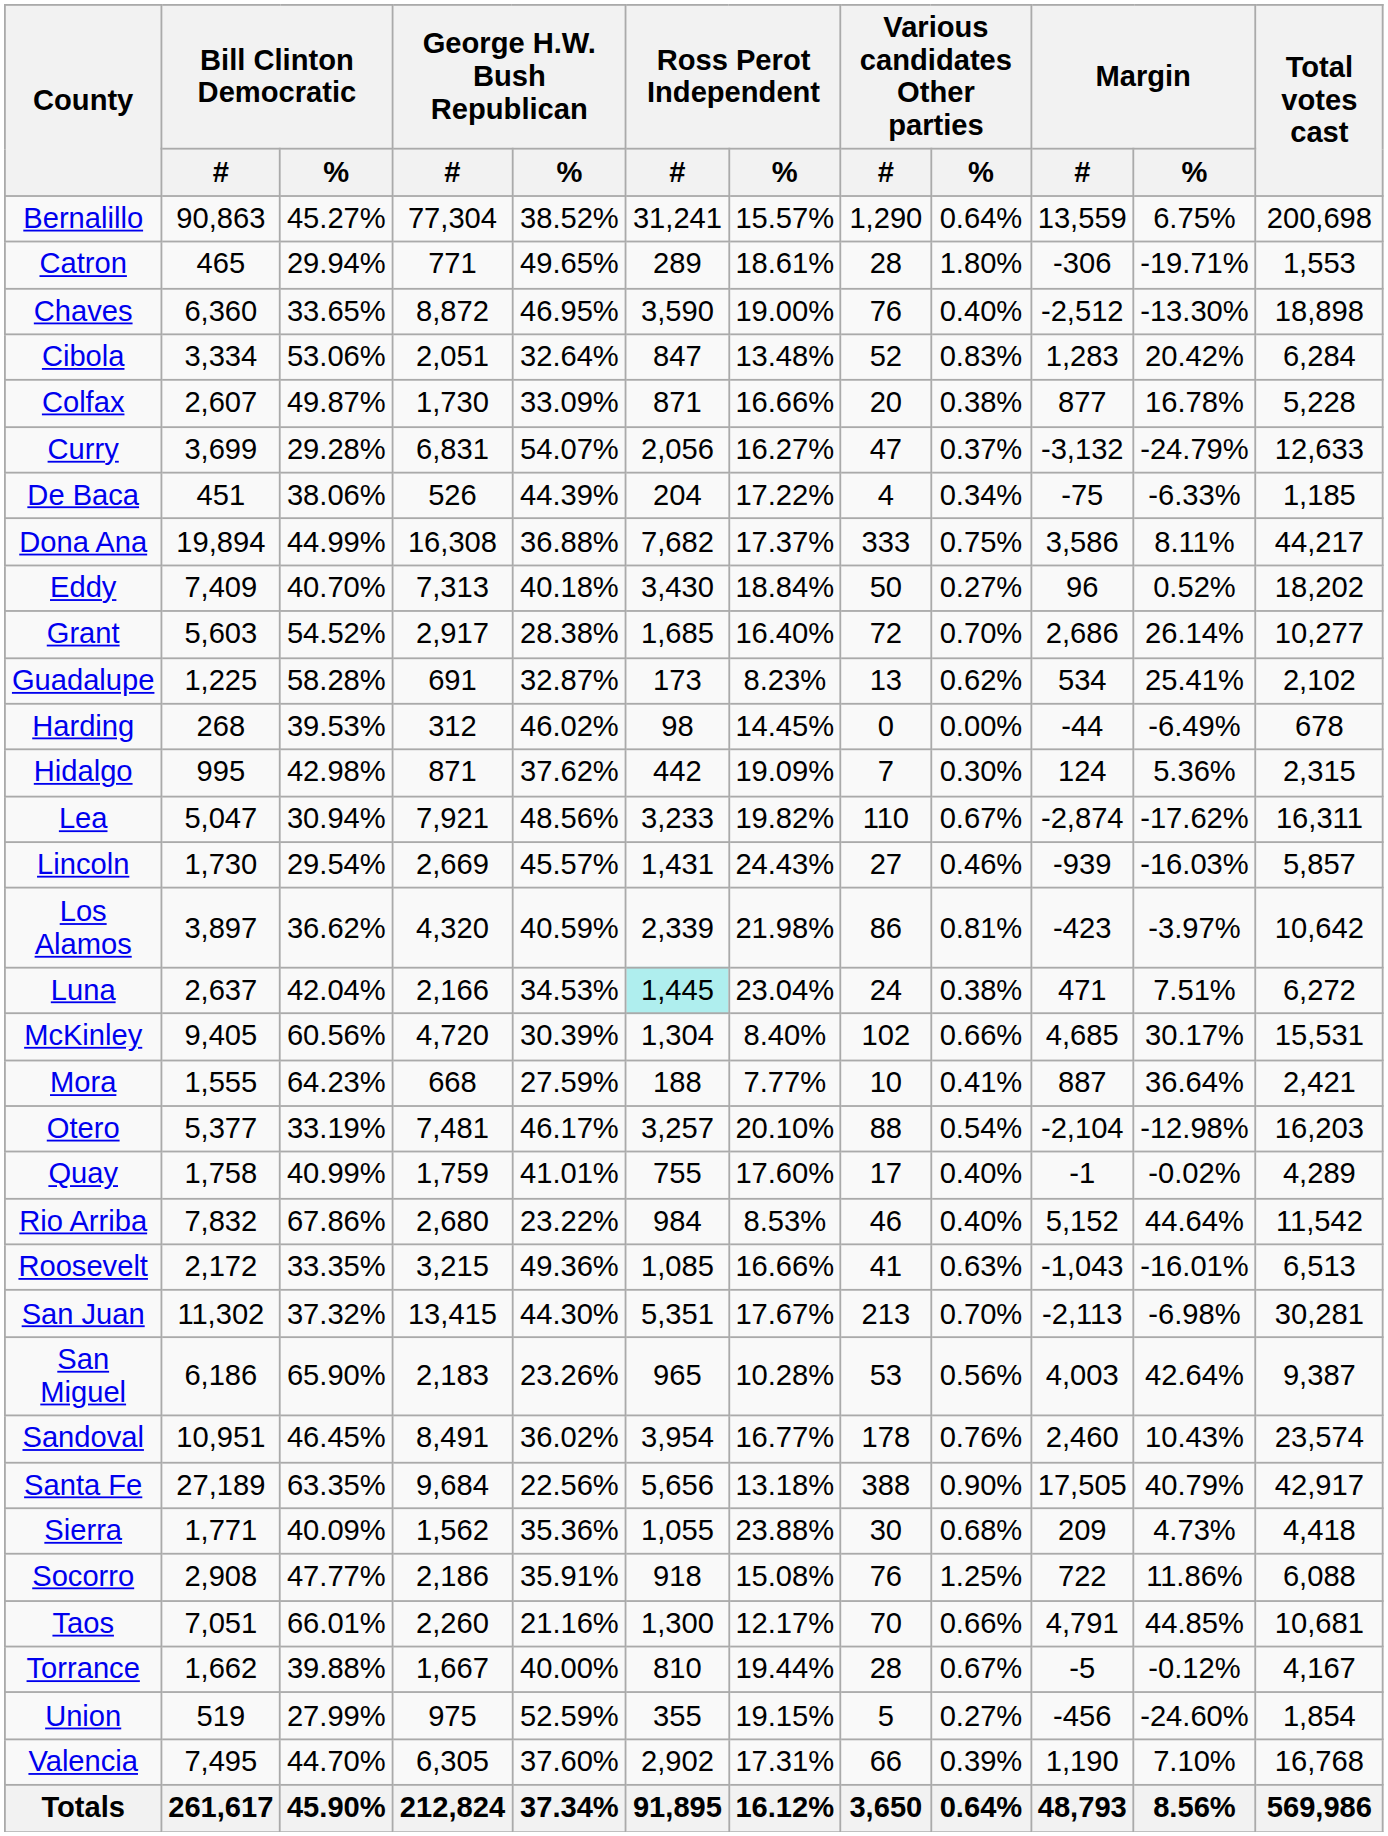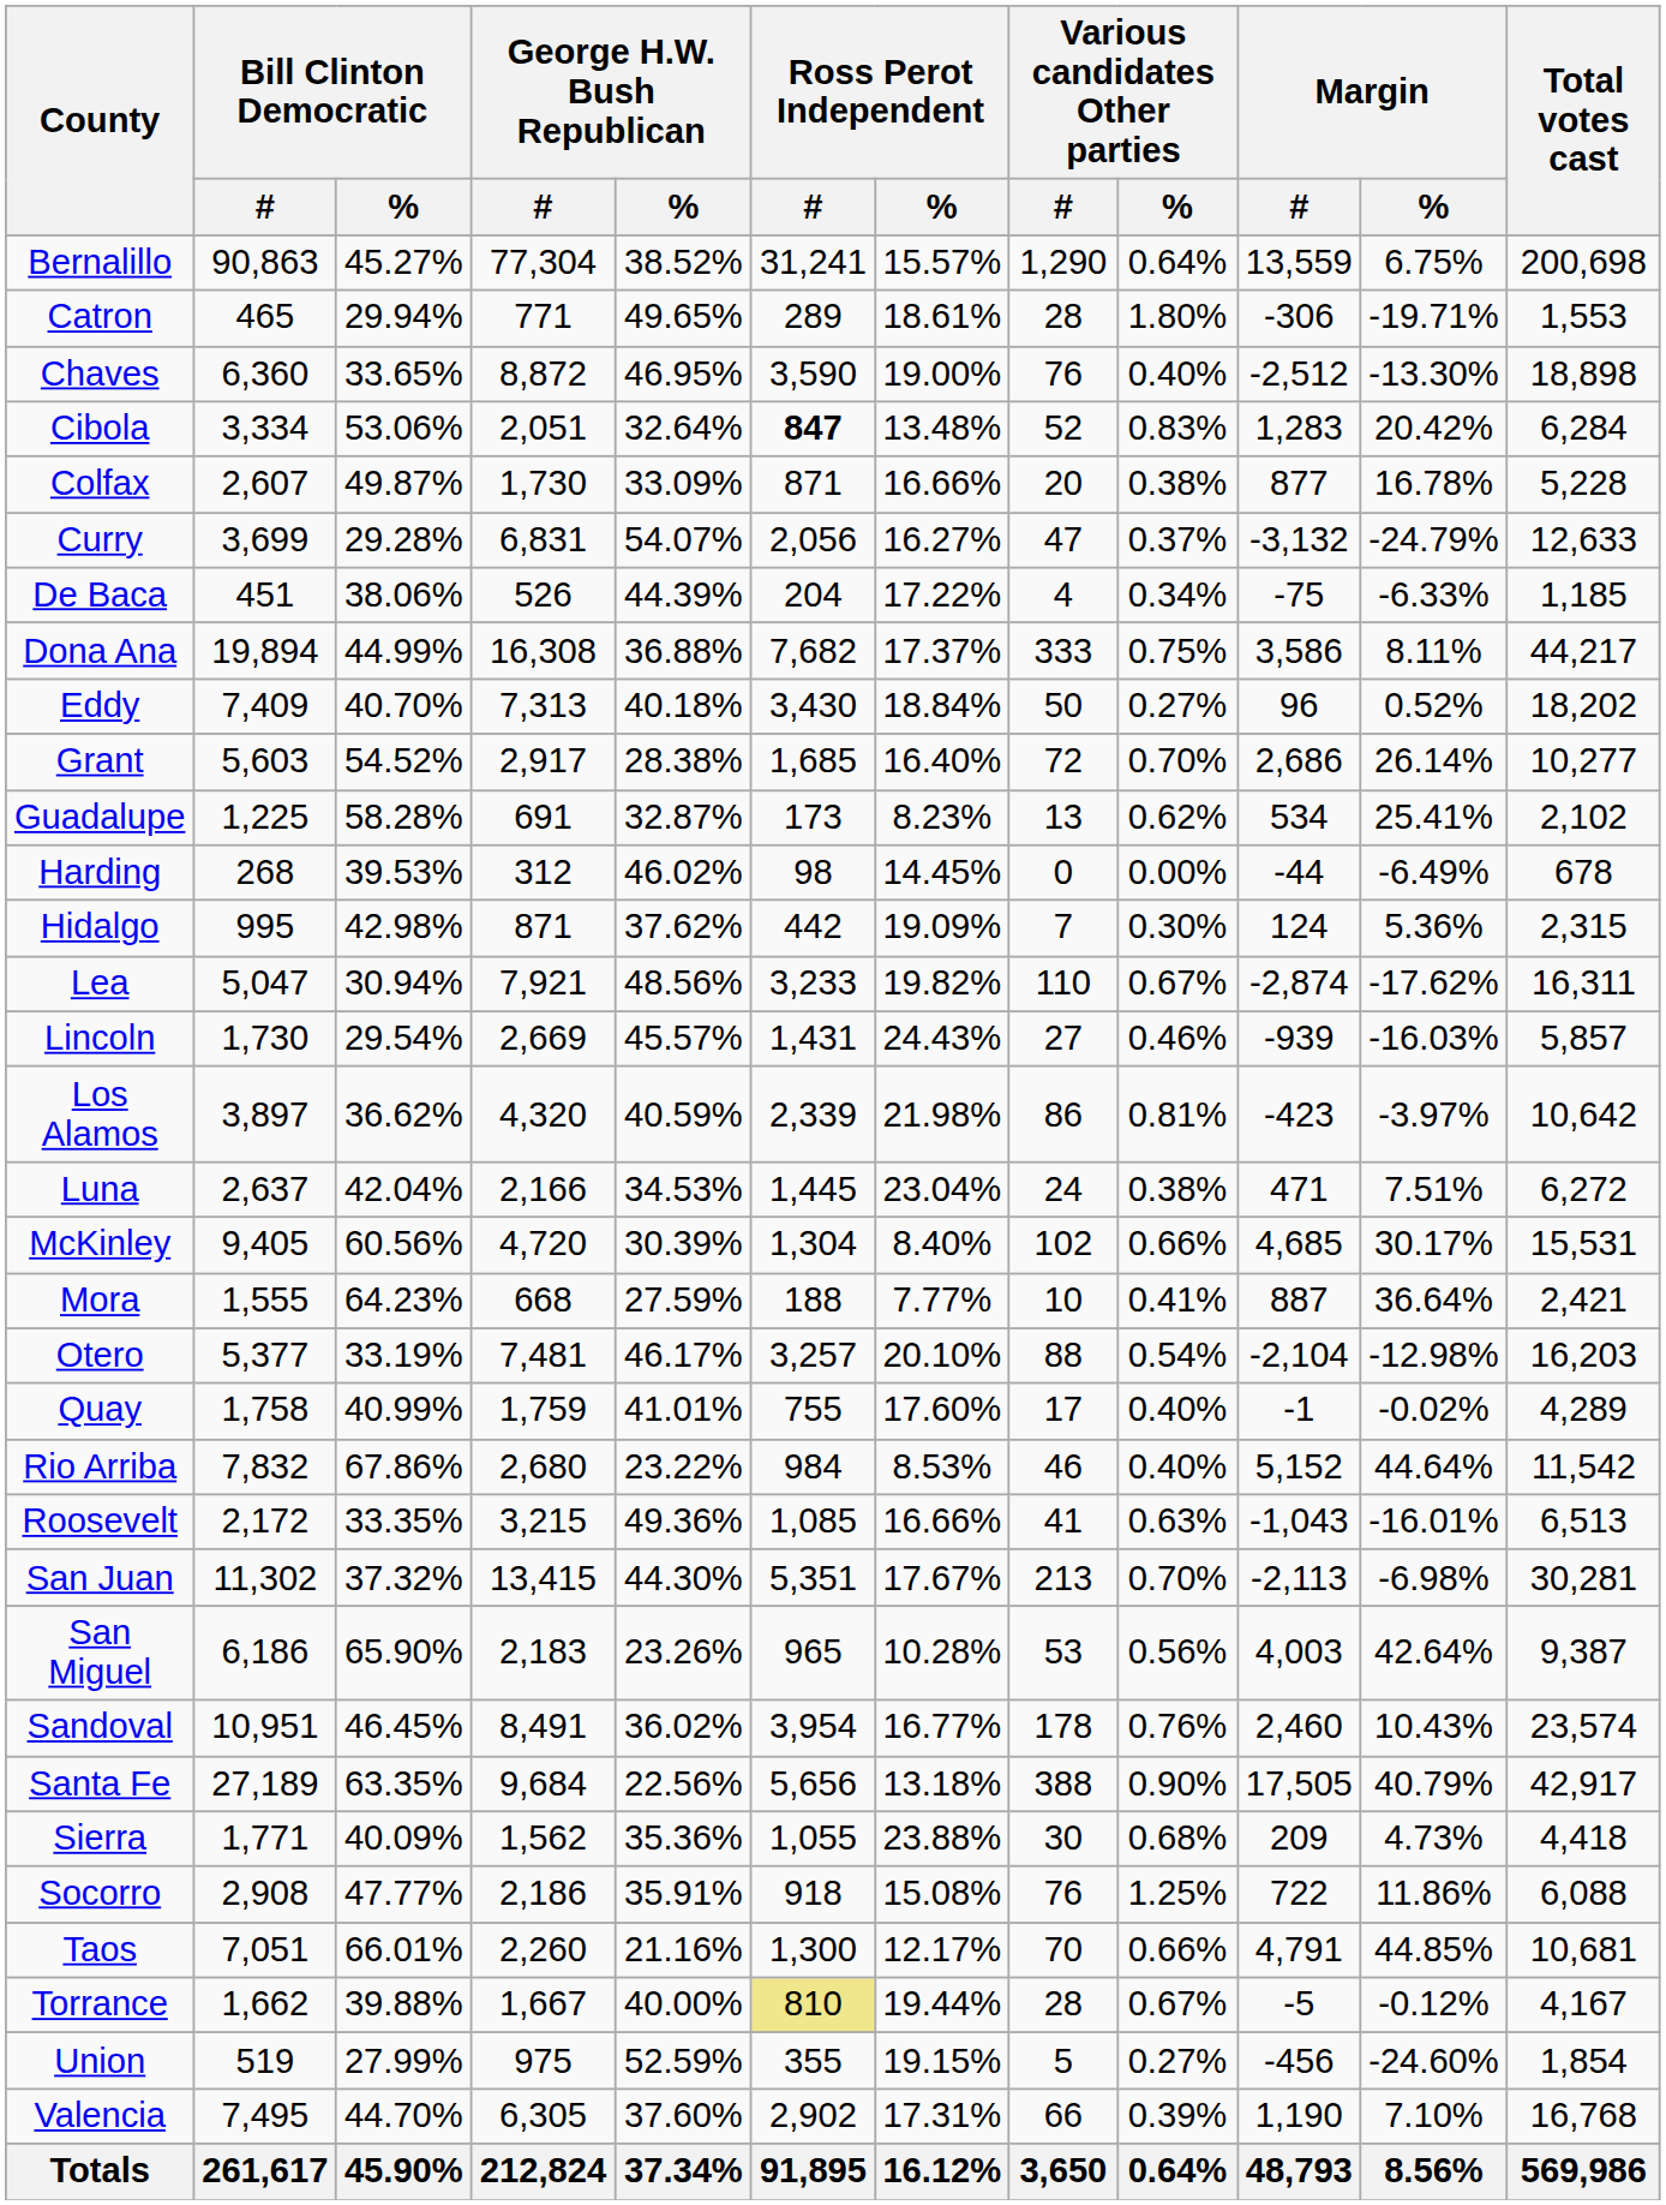 <table width="60%"  class="wikitable sortable" style="text-align:center">
 <tr>
 <th style="text-align:center;" rowspan="2">County</th>
 <th style="text-align:center;" colspan="2">Bill Clinton<br>Democratic</th>
 <th style="text-align:center;" colspan="2">George H.W. Bush<br>Republican</th>
 <th style="text-align:center;" colspan="2">Ross Perot<br>Independent</th>
 <th style="text-align:center;" colspan="2">Various candidates<br>Other parties</th>
 <th style="text-align:center;" colspan="2">Margin</th>
 <th style="text-align:center;" rowspan="2">Total votes cast</th>
 </tr>
 <tr>
 <th style="text-align:center;" data-sort-type="number">#</th>
 <th style="text-align:center;" data-sort-type="number">%</th>
 <th style="text-align:center;" data-sort-type="number">#</th>
 <th style="text-align:center;" data-sort-type="number">%</th>
 <th style="text-align:center;" data-sort-type="number">#</th>
 <th style="text-align:center;" data-sort-type="number">%</th>
 <th style="text-align:center;" data-sort-type="number">#</th>
 <th style="text-align:center;" data-sort-type="number">%</th>
 <th style="text-align:center;" data-sort-type="number">#</th>
 <th style="text-align:center;" data-sort-type="number">%</th>
 </tr>
 <tr style="text-align:center;">
 <td><a href='#'>Bernalillo</a></td>
 <td>90,863</td>
 <td>45.27%</td>
 <td>77,304</td>
 <td>38.52%</td>
 <td>31,241</td>
 <td>15.57%</td>
 <td>1,290</td>
 <td>0.64%</td>
 <td>13,559</td>
 <td>6.75%</td>
 <td>200,698</td>
 </tr>
 <tr style="text-align:center;">
 <td><a href='#'>Catron</a></td>
 <td>465</td>
 <td>29.94%</td>
 <td>771</td>
 <td>49.65%</td>
 <td>289</td>
 <td>18.61%</td>
 <td>28</td>
 <td>1.80%</td>
 <td>-306</td>
 <td>-19.71%</td>
 <td>1,553</td>
 </tr>
 <tr style="text-align:center;">
 <td><a href='#'>Chaves</a></td>
 <td>6,360</td>
 <td>33.65%</td>
 <td>8,872</td>
 <td>46.95%</td>
 <td>3,590</td>
 <td>19.00%</td>
 <td>76</td>
 <td>0.40%</td>
 <td>-2,512</td>
 <td>-13.30%</td>
 <td>18,898</td>
 </tr>
 <tr style="text-align:center;">
 <td><a href='#'>Cibola</a></td>
 <td>3,334</td>
 <td>53.06%</td>
 <td>2,051</td>
 <td>32.64%</td>
-<td>847</td>
+<td><strong>847</strong></td>
 <td>13.48%</td>
 <td>52</td>
 <td>0.83%</td>
 <td>1,283</td>
 <td>20.42%</td>
 <td>6,284</td>
 </tr>
 <tr style="text-align:center;">
 <td><a href='#'>Colfax</a></td>
 <td>2,607</td>
 <td>49.87%</td>
 <td>1,730</td>
 <td>33.09%</td>
 <td>871</td>
 <td>16.66%</td>
 <td>20</td>
 <td>0.38%</td>
 <td>877</td>
 <td>16.78%</td>
 <td>5,228</td>
 </tr>
 <tr style="text-align:center;">
 <td><a href='#'>Curry</a></td>
 <td>3,699</td>
 <td>29.28%</td>
 <td>6,831</td>
 <td>54.07%</td>
 <td>2,056</td>
 <td>16.27%</td>
 <td>47</td>
 <td>0.37%</td>
 <td>-3,132</td>
 <td>-24.79%</td>
 <td>12,633</td>
 </tr>
 <tr style="text-align:center;">
 <td><a href='#'>De Baca</a></td>
 <td>451</td>
 <td>38.06%</td>
 <td>526</td>
 <td>44.39%</td>
 <td>204</td>
 <td>17.22%</td>
 <td>4</td>
 <td>0.34%</td>
 <td>-75</td>
 <td>-6.33%</td>
 <td>1,185</td>
 </tr>
 <tr style="text-align:center;">
 <td><a href='#'>Dona Ana</a></td>
 <td>19,894</td>
 <td>44.99%</td>
 <td>16,308</td>
 <td>36.88%</td>
 <td>7,682</td>
 <td>17.37%</td>
 <td>333</td>
 <td>0.75%</td>
 <td>3,586</td>
 <td>8.11%</td>
 <td>44,217</td>
 </tr>
 <tr style="text-align:center;">
 <td><a href='#'>Eddy</a></td>
 <td>7,409</td>
 <td>40.70%</td>
 <td>7,313</td>
 <td>40.18%</td>
 <td>3,430</td>
 <td>18.84%</td>
 <td>50</td>
 <td>0.27%</td>
 <td>96</td>
 <td>0.52%</td>
 <td>18,202</td>
 </tr>
 <tr style="text-align:center;">
 <td><a href='#'>Grant</a></td>
 <td>5,603</td>
 <td>54.52%</td>
 <td>2,917</td>
 <td>28.38%</td>
 <td>1,685</td>
 <td>16.40%</td>
 <td>72</td>
 <td>0.70%</td>
 <td>2,686</td>
 <td>26.14%</td>
 <td>10,277</td>
 </tr>
 <tr style="text-align:center;">
 <td><a href='#'>Guadalupe</a></td>
 <td>1,225</td>
 <td>58.28%</td>
 <td>691</td>
 <td>32.87%</td>
 <td>173</td>
 <td>8.23%</td>
 <td>13</td>
 <td>0.62%</td>
 <td>534</td>
 <td>25.41%</td>
 <td>2,102</td>
 </tr>
 <tr style="text-align:center;">
 <td><a href='#'>Harding</a></td>
 <td>268</td>
 <td>39.53%</td>
 <td>312</td>
 <td>46.02%</td>
 <td>98</td>
 <td>14.45%</td>
 <td>0</td>
 <td>0.00%</td>
 <td>-44</td>
 <td>-6.49%</td>
 <td>678</td>
 </tr>
 <tr style="text-align:center;">
 <td><a href='#'>Hidalgo</a></td>
 <td>995</td>
 <td>42.98%</td>
 <td>871</td>
 <td>37.62%</td>
 <td>442</td>
 <td>19.09%</td>
 <td>7</td>
 <td>0.30%</td>
 <td>124</td>
 <td>5.36%</td>
 <td>2,315</td>
 </tr>
 <tr style="text-align:center;">
 <td><a href='#'>Lea</a></td>
 <td>5,047</td>
 <td>30.94%</td>
 <td>7,921</td>
 <td>48.56%</td>
 <td>3,233</td>
 <td>19.82%</td>
 <td>110</td>
 <td>0.67%</td>
 <td>-2,874</td>
 <td>-17.62%</td>
 <td>16,311</td>
 </tr>
 <tr style="text-align:center;">
 <td><a href='#'>Lincoln</a></td>
 <td>1,730</td>
 <td>29.54%</td>
 <td>2,669</td>
 <td>45.57%</td>
 <td>1,431</td>
 <td>24.43%</td>
 <td>27</td>
 <td>0.46%</td>
 <td>-939</td>
 <td>-16.03%</td>
 <td>5,857</td>
 </tr>
 <tr style="text-align:center;">
 <td><a href='#'>Los Alamos</a></td>
 <td>3,897</td>
 <td>36.62%</td>
 <td>4,320</td>
 <td>40.59%</td>
 <td>2,339</td>
 <td>21.98%</td>
 <td>86</td>
 <td>0.81%</td>
 <td>-423</td>
 <td>-3.97%</td>
 <td>10,642</td>
 </tr>
 <tr style="text-align:center;">
 <td><a href='#'>Luna</a></td>
 <td>2,637</td>
 <td>42.04%</td>
 <td>2,166</td>
 <td>34.53%</td>
-<td style="background: paleturquoise;">1,445</td>
+<td>1,445</td>
 <td>23.04%</td>
 <td>24</td>
 <td>0.38%</td>
 <td>471</td>
 <td>7.51%</td>
 <td>6,272</td>
 </tr>
 <tr style="text-align:center;">
 <td><a href='#'>McKinley</a></td>
 <td>9,405</td>
 <td>60.56%</td>
 <td>4,720</td>
 <td>30.39%</td>
 <td>1,304</td>
 <td>8.40%</td>
 <td>102</td>
 <td>0.66%</td>
 <td>4,685</td>
 <td>30.17%</td>
 <td>15,531</td>
 </tr>
 <tr style="text-align:center;">
 <td><a href='#'>Mora</a></td>
 <td>1,555</td>
 <td>64.23%</td>
 <td>668</td>
 <td>27.59%</td>
 <td>188</td>
 <td>7.77%</td>
 <td>10</td>
 <td>0.41%</td>
 <td>887</td>
 <td>36.64%</td>
 <td>2,421</td>
 </tr>
 <tr style="text-align:center;">
 <td><a href='#'>Otero</a></td>
 <td>5,377</td>
 <td>33.19%</td>
 <td>7,481</td>
 <td>46.17%</td>
 <td>3,257</td>
 <td>20.10%</td>
 <td>88</td>
 <td>0.54%</td>
 <td>-2,104</td>
 <td>-12.98%</td>
 <td>16,203</td>
 </tr>
 <tr style="text-align:center;">
 <td><a href='#'>Quay</a></td>
 <td>1,758</td>
 <td>40.99%</td>
 <td>1,759</td>
 <td>41.01%</td>
 <td>755</td>
 <td>17.60%</td>
 <td>17</td>
 <td>0.40%</td>
 <td>-1</td>
 <td>-0.02%</td>
 <td>4,289</td>
 </tr>
 <tr style="text-align:center;">
 <td><a href='#'>Rio Arriba</a></td>
 <td>7,832</td>
 <td>67.86%</td>
 <td>2,680</td>
 <td>23.22%</td>
 <td>984</td>
 <td>8.53%</td>
 <td>46</td>
 <td>0.40%</td>
 <td>5,152</td>
 <td>44.64%</td>
 <td>11,542</td>
 </tr>
 <tr style="text-align:center;">
 <td><a href='#'>Roosevelt</a></td>
 <td>2,172</td>
 <td>33.35%</td>
 <td>3,215</td>
 <td>49.36%</td>
 <td>1,085</td>
 <td>16.66%</td>
 <td>41</td>
 <td>0.63%</td>
 <td>-1,043</td>
 <td>-16.01%</td>
 <td>6,513</td>
 </tr>
 <tr style="text-align:center;">
 <td><a href='#'>San Juan</a></td>
 <td>11,302</td>
 <td>37.32%</td>
 <td>13,415</td>
 <td>44.30%</td>
 <td>5,351</td>
 <td>17.67%</td>
 <td>213</td>
 <td>0.70%</td>
 <td>-2,113</td>
 <td>-6.98%</td>
 <td>30,281</td>
 </tr>
 <tr style="text-align:center;">
 <td><a href='#'>San Miguel</a></td>
 <td>6,186</td>
 <td>65.90%</td>
 <td>2,183</td>
 <td>23.26%</td>
 <td>965</td>
 <td>10.28%</td>
 <td>53</td>
 <td>0.56%</td>
 <td>4,003</td>
 <td>42.64%</td>
 <td>9,387</td>
 </tr>
 <tr style="text-align:center;">
 <td><a href='#'>Sandoval</a></td>
 <td>10,951</td>
 <td>46.45%</td>
 <td>8,491</td>
 <td>36.02%</td>
 <td>3,954</td>
 <td>16.77%</td>
 <td>178</td>
 <td>0.76%</td>
 <td>2,460</td>
 <td>10.43%</td>
 <td>23,574</td>
 </tr>
 <tr style="text-align:center;">
 <td><a href='#'>Santa Fe</a></td>
 <td>27,189</td>
 <td>63.35%</td>
 <td>9,684</td>
 <td>22.56%</td>
 <td>5,656</td>
 <td>13.18%</td>
 <td>388</td>
 <td>0.90%</td>
 <td>17,505</td>
 <td>40.79%</td>
 <td>42,917</td>
 </tr>
 <tr style="text-align:center;">
 <td><a href='#'>Sierra</a></td>
 <td>1,771</td>
 <td>40.09%</td>
 <td>1,562</td>
 <td>35.36%</td>
 <td>1,055</td>
 <td>23.88%</td>
 <td>30</td>
 <td>0.68%</td>
 <td>209</td>
 <td>4.73%</td>
 <td>4,418</td>
 </tr>
 <tr style="text-align:center;">
 <td><a href='#'>Socorro</a></td>
 <td>2,908</td>
 <td>47.77%</td>
 <td>2,186</td>
 <td>35.91%</td>
 <td>918</td>
 <td>15.08%</td>
 <td>76</td>
 <td>1.25%</td>
 <td>722</td>
 <td>11.86%</td>
 <td>6,088</td>
 </tr>
 <tr style="text-align:center;">
 <td><a href='#'>Taos</a></td>
 <td>7,051</td>
 <td>66.01%</td>
 <td>2,260</td>
 <td>21.16%</td>
 <td>1,300</td>
 <td>12.17%</td>
 <td>70</td>
 <td>0.66%</td>
 <td>4,791</td>
 <td>44.85%</td>
 <td>10,681</td>
 </tr>
 <tr style="text-align:center;">
 <td><a href='#'>Torrance</a></td>
 <td>1,662</td>
 <td>39.88%</td>
 <td>1,667</td>
 <td>40.00%</td>
-<td>810</td>
+<td style="background: khaki;">810</td>
 <td>19.44%</td>
 <td>28</td>
 <td>0.67%</td>
 <td>-5</td>
 <td>-0.12%</td>
 <td>4,167</td>
 </tr>
 <tr style="text-align:center;">
 <td><a href='#'>Union</a></td>
 <td>519</td>
 <td>27.99%</td>
 <td>975</td>
 <td>52.59%</td>
 <td>355</td>
 <td>19.15%</td>
 <td>5</td>
 <td>0.27%</td>
 <td>-456</td>
 <td>-24.60%</td>
 <td>1,854</td>
 </tr>
 <tr style="text-align:center;">
 <td><a href='#'>Valencia</a></td>
 <td>7,495</td>
 <td>44.70%</td>
 <td>6,305</td>
 <td>37.60%</td>
 <td>2,902</td>
 <td>17.31%</td>
 <td>66</td>
 <td>0.39%</td>
 <td>1,190</td>
 <td>7.10%</td>
 <td>16,768</td>
 </tr>
 <tr>
 <th>Totals</th>
 <th>261,617</th>
 <th>45.90%</th>
 <th>212,824</th>
 <th>37.34%</th>
 <th>91,895</th>
 <th>16.12%</th>
 <th>3,650</th>
 <th>0.64%</th>
 <th>48,793</th>
 <th>8.56%</th>
 <th>569,986</th>
 </tr>
 </table>
